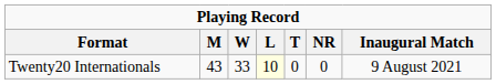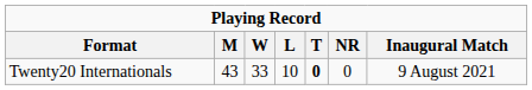 <table class="wikitable" style="text-align: center; width: 500px;">
 <tr>
 <td colspan=7 align="center"><strong>Playing Record</strong></td>
 </tr>
 <tr>
 <th>Format</th>
 <th>M</th>
 <th>W</th>
 <th>L</th>
 <th>T</th>
 <th>NR</th>
 <th>Inaugural Match</th>
 </tr>
 <tr>
 <td align="left">Twenty20 Internationals</td>
 <td>43</td>
 <td>33</td>
-<td style="background: lightyellow;">10</td>
-<td>0</td>
+<td>10</td>
+<td><strong>0</strong></td>
 <td>0</td>
 <td>9 August 2021</td>
 </tr>
 </table>
